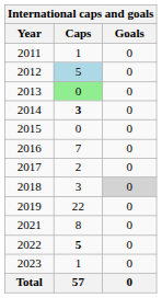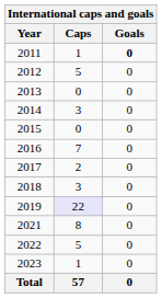 <table class="wikitable sortable" style="text-align:center">
 <tr>
 <th colspan="3">International caps and goals</th>
 </tr>
 <tr>
 <th>Year</th>
 <th>Caps</th>
 <th>Goals</th>
 </tr>
 <tr>
 <td>2011</td>
 <td>1</td>
-<td>0</td>
+<td><strong>0</strong></td>
 </tr>
 <tr>
 <td>2012</td>
-<td style="background: lightblue;">5</td>
+<td>5</td>
 <td>0</td>
 </tr>
 <tr>
 <td>2013</td>
-<td style="background: lightgreen;">0</td>
+<td>0</td>
 <td>0</td>
 </tr>
 <tr>
 <td>2014</td>
-<td><strong>3</strong></td>
+<td>3</td>
 <td>0</td>
 </tr>
 <tr>
 <td>2015</td>
 <td>0</td>
 <td>0</td>
 </tr>
 <tr>
 <td>2016</td>
 <td>7</td>
 <td>0</td>
 </tr>
 <tr>
 <td>2017</td>
 <td>2</td>
 <td>0</td>
 </tr>
 <tr>
 <td>2018</td>
 <td>3</td>
-<td style="background: lightgrey;">0</td>
+<td>0</td>
 </tr>
 <tr>
 <td>2019</td>
-<td>22</td>
+<td style="background: lavender;">22</td>
 <td>0</td>
 </tr>
 <tr>
 <td>2021</td>
 <td>8</td>
 <td>0</td>
 </tr>
 <tr>
 <td>2022</td>
-<td><strong>5</strong></td>
+<td>5</td>
 <td>0</td>
 </tr>
 <tr>
 <td>2023</td>
 <td>1</td>
 <td>0</td>
 </tr>
 <tr>
 <th>Total</th>
 <th>57</th>
 <th>0</th>
 </tr>
 </table>
